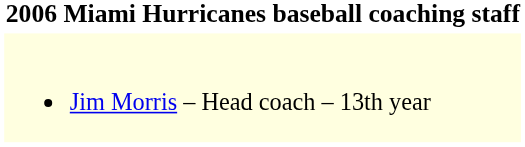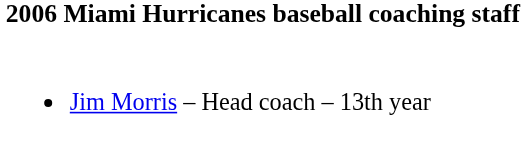 <table class="toccolours">
 <tr>
 <th colspan=9>2006 Miami Hurricanes baseball coaching staff</th>
 </tr>
 <tr>
-<td style="background: lightyellow; text-align: left; font-size: 95%;" valign="top"><br><ul><li><a href='#'>Jim Morris</a> – Head coach – 13th year</li></ul></td>
+<td style="text-align: left; font-size: 95%;" valign="top"><br><ul><li><a href='#'>Jim Morris</a> – Head coach – 13th year</li></ul></td>
 </tr>
 </table>
